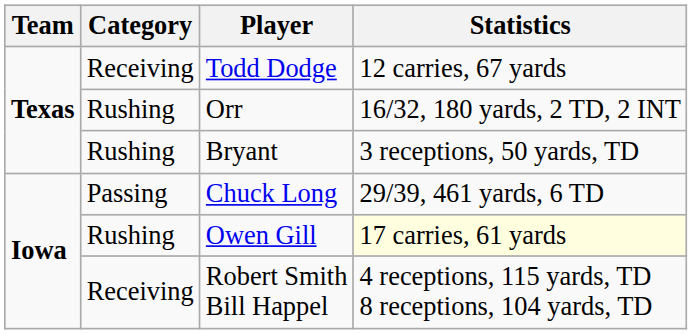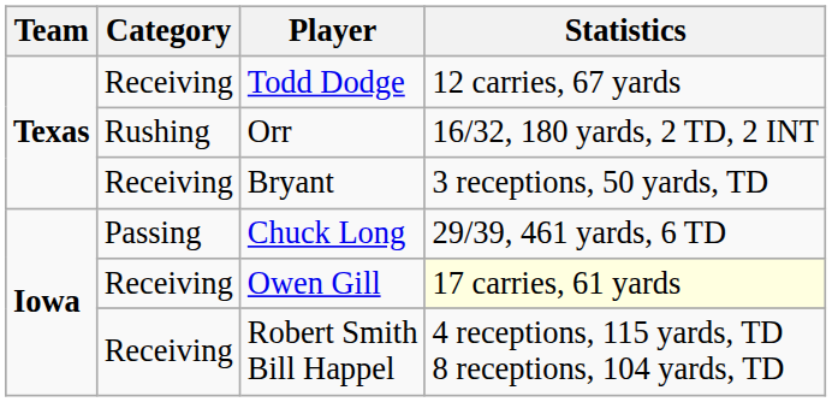 <table class="wikitable" style="float: left;">
 <tr>
 <th>Team</th>
 <th>Category</th>
 <th>Player</th>
 <th>Statistics</th>
 </tr>
 <tr>
 <td rowspan=3><strong>Texas</strong></td>
 <td>Receiving</td>
 <td><a href='#'>Todd Dodge</a></td>
 <td>12 carries, 67 yards</td>
 </tr>
 <tr>
 <td>Rushing</td>
 <td>Orr</td>
 <td>16/32, 180 yards, 2 TD, 2 INT</td>
 </tr>
 <tr>
-<td>Rushing</td>
+<td>Receiving</td>
 <td>Bryant</td>
 <td>3 receptions, 50 yards, TD</td>
 </tr>
 <tr>
 <td rowspan=3><strong>Iowa</strong></td>
 <td>Passing</td>
 <td><a href='#'>Chuck Long</a></td>
 <td>29/39, 461 yards, 6 TD</td>
 </tr>
 <tr>
-<td>Rushing</td>
+<td>Receiving</td>
 <td><a href='#'>Owen Gill</a></td>
 <td style="background: lightyellow;">17 carries, 61 yards</td>
 </tr>
 <tr>
 <td>Receiving</td>
 <td>Robert Smith<br>Bill Happel</td>
 <td>4 receptions, 115 yards, TD<br>8 receptions, 104 yards, TD</td>
 </tr>
 </table>
